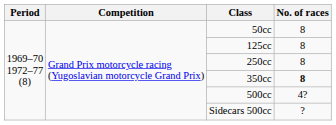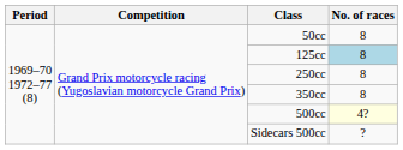 <table class=wikitable style="border:1px solid #AAAAAA">
 <tr bgcolor="#EFEFEF">
 <th>Period</th>
 <th>Competition</th>
 <th>Class</th>
 <th>No. of races</th>
 </tr>
 <tr>
 <td rowspan="6" align="center">1969–70<br>1972–77<br>(8)</td>
 <td rowspan="6"><a href='#'>Grand Prix motorcycle racing</a><br>(<a href='#'>Yugoslavian motorcycle Grand Prix</a>)</td>
 <td align="right">50cc</td>
 <td align="center">8</td>
 </tr>
 <tr>
 <td align="right">125cc</td>
-<td align="center">8</td>
+<td align="center" style="background: lightblue;">8</td>
 </tr>
 <tr>
 <td align="right">250cc</td>
 <td align="center">8</td>
 </tr>
 <tr>
 <td align="right">350cc</td>
-<td align="center"><strong>8</strong></td>
+<td align="center">8</td>
 </tr>
 <tr>
 <td align="right">500cc</td>
-<td align="center">4?</td>
+<td align="center" style="background: lightyellow;">4?</td>
 </tr>
 <tr>
 <td align="right">Sidecars 500cc</td>
 <td align="center">?</td>
 </tr>
 </table>
